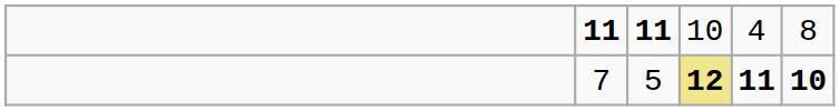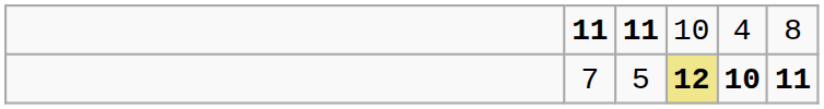 <table class="wikitable">
 <tr>
 <td style="width:18em"></td>
 <td align=center style="width:1em"><strong>11</strong></td>
 <td align=center style="width:1em"><strong>11</strong></td>
 <td align=center style="width:1em">10</td>
 <td align=center style="width:1em">4</td>
 <td align=center style="width:1em">8</td>
 </tr>
 <tr>
 <td style="width:18em"><strong></strong></td>
 <td align=center style="width:1em">7</td>
 <td align=center style="width:1em">5</td>
 <td align=center style="background: khaki; width:1em"><strong>12</strong></td>
+<td align=center style="width:1em"><strong>10</strong></td>
 <td align=center style="width:1em"><strong>11</strong></td>
-<td align=center style="width:1em"><strong>10</strong></td>
 </tr>
 </table>
